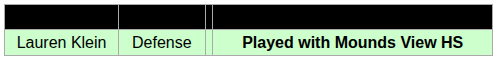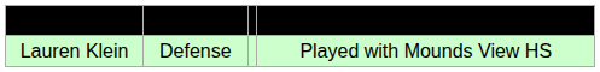 <table class="wikitable">
 <tr align="center" bgcolor=" ">
 <td>Alanna Serviss</td>
 <td>Goaltender</td>
 <td></td>
 <td>Played with Chicago Young Americans</td>
 </tr>
 <tr align="center" bgcolor="#ccffcc">
 <td>Lauren Klein</td>
 <td>Defense</td>
 <td></td>
-<td><strong>Played with Mounds View HS</strong></td>
+<td>Played with Mounds View HS</td>
 </tr>
 <tr align="center" bgcolor=" ">
 </tr>
 </table>
